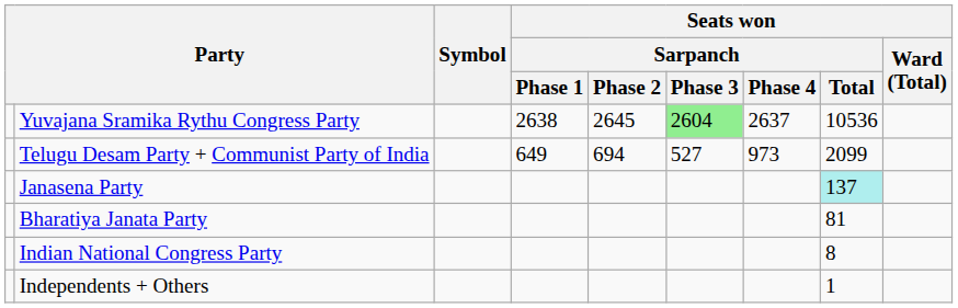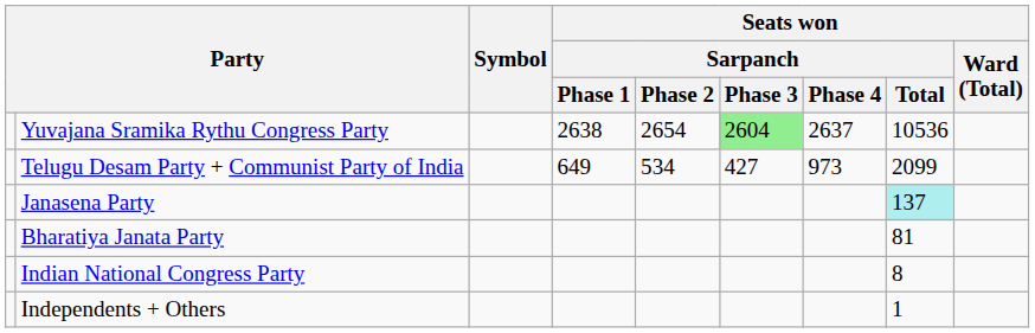 <table class="wikitable sortable">
 <tr>
 <th colspan="2" rowspan="3">Party</th>
 <th rowspan="3">Symbol</th>
 <th colspan="6">Seats won</th>
 </tr>
 <tr>
 <th colspan="5">Sarpanch</th>
 <th rowspan="2">Ward<br>(Total)</th>
 </tr>
 <tr>
 <th>Phase 1</th>
 <th>Phase 2</th>
 <th>Phase 3</th>
 <th>Phase 4</th>
 <th>Total</th>
 </tr>
 <tr>
 <td></td>
 <td><a href='#'>Yuvajana Sramika Rythu Congress Party</a></td>
 <td></td>
 <td>2638</td>
-<td>2645</td>
+<td>2654</td>
 <td style="background: lightgreen;">2604</td>
 <td>2637</td>
 <td>10536</td>
 <td></td>
 </tr>
 <tr>
 <td></td>
 <td><a href='#'>Telugu Desam Party</a> + <a href='#'>Communist Party of India</a></td>
 <td></td>
 <td>649</td>
-<td>694</td>
-<td>527</td>
+<td>534</td>
+<td>427</td>
 <td>973</td>
 <td>2099</td>
 <td></td>
 </tr>
 <tr>
 <td></td>
 <td><a href='#'>Janasena Party</a></td>
 <td></td>
 <td></td>
 <td></td>
 <td></td>
 <td></td>
 <td style="background: paleturquoise;">137</td>
 <td></td>
 </tr>
 <tr>
 <td></td>
 <td><a href='#'>Bharatiya Janata Party</a></td>
 <td></td>
 <td></td>
 <td></td>
 <td></td>
 <td></td>
 <td>81</td>
 <td></td>
 </tr>
 <tr>
 <td></td>
 <td><a href='#'>Indian National Congress Party</a></td>
 <td></td>
 <td></td>
 <td></td>
 <td></td>
 <td></td>
 <td>8</td>
 <td></td>
 </tr>
 <tr>
 <td></td>
 <td>Independents + Others</td>
 <td></td>
 <td></td>
 <td></td>
 <td></td>
 <td></td>
 <td>1</td>
 <td></td>
 </tr>
 </table>
